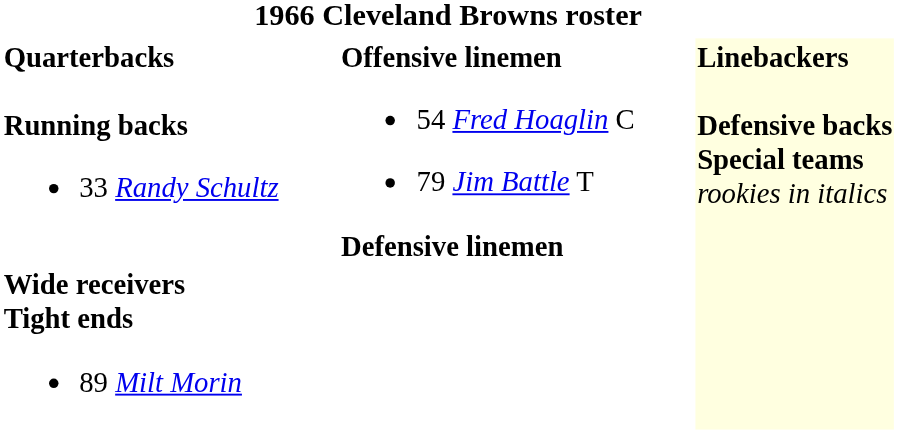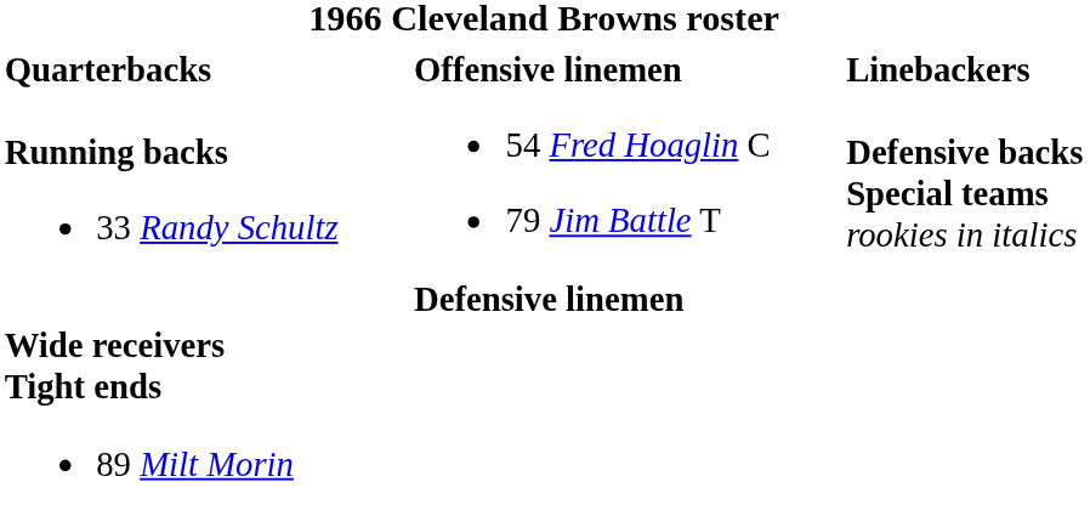 <table class="toccolours" style="text-align: left;">
 <tr>
 <th colspan="7" style="text-align:center;">1966 Cleveland Browns roster</th>
 </tr>
 <tr>
 <td style="font-size: 95%;" valign="top"><strong>Quarterbacks</strong><br>  <br><strong>Running backs</strong> <ul><li><span>33</span> <em><a href='#'>Randy Schultz</a></em></li></ul>  <br><strong>Wide receivers</strong>    <br><strong>Tight ends</strong> <ul><li><span>89</span> <em><a href='#'>Milt Morin</a></em></li></ul></td>
 <td style="width: 25px;"></td>
 <td style="font-size: 95%;" valign="top"><strong>Offensive linemen</strong><br><ul><li><span>54</span> <em><a href='#'>Fred Hoaglin</a></em> C</li></ul>      <ul><li><span>79</span> <em><a href='#'>Jim Battle</a></em> T</li></ul><strong>Defensive linemen</strong>      </td>
 <td style="width: 25px;"></td>
-<td style="background: lightyellow; font-size: 95%;" valign="top"><strong>Linebackers</strong><br>     <br><strong>Defensive backs</strong>       <br><strong>Special teams</strong> <br><em>rookies in italics</em></td>
+<td style="font-size: 95%;" valign="top"><strong>Linebackers</strong><br>     <br><strong>Defensive backs</strong>       <br><strong>Special teams</strong> <br><em>rookies in italics</em></td>
 </tr>
 </table>
